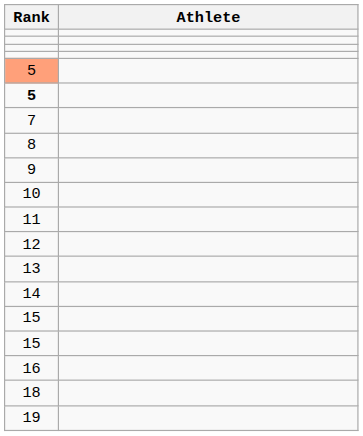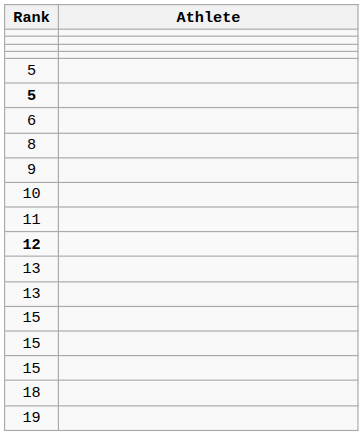 <table class="wikitable" style="text-align: center;">
 <tr>
 <th width=40>Rank</th>
 <th width=250>Athlete</th>
 </tr>
 <tr>
 <td></td>
 <td align=left></td>
 </tr>
 <tr>
 <td></td>
 <td align=left></td>
 </tr>
 <tr>
 <td></td>
 <td align=left></td>
 </tr>
 <tr>
 <td></td>
 <td align=left></td>
 </tr>
 <tr>
-<td style="background: lightsalmon;">5</td>
+<td>5</td>
 <td align=left></td>
 </tr>
 <tr>
 <td><strong>5</strong></td>
 <td align=left></td>
 </tr>
 <tr>
-<td>7</td>
+<td>6</td>
 <td align=left></td>
 </tr>
 <tr>
 <td>8</td>
 <td align=left></td>
 </tr>
 <tr>
 <td>9</td>
 <td align=left></td>
 </tr>
 <tr>
 <td>10</td>
 <td align=left></td>
 </tr>
 <tr>
 <td>11</td>
 <td align=left></td>
 </tr>
 <tr>
-<td>12</td>
+<td><strong>12</strong></td>
 <td align=left></td>
 </tr>
 <tr>
 <td>13</td>
 <td align=left></td>
 </tr>
 <tr>
-<td>14</td>
+<td>13</td>
 <td align=left></td>
 </tr>
 <tr>
 <td>15</td>
 <td align=left></td>
 </tr>
 <tr>
 <td>15</td>
 <td align=left></td>
 </tr>
 <tr>
-<td>16</td>
+<td>15</td>
 <td align=left></td>
 </tr>
 <tr>
 <td>18</td>
 <td align=left></td>
 </tr>
 <tr>
 <td>19</td>
 <td align=left></td>
 </tr>
 </table>
